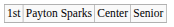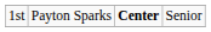 <table class="wikitable" border="1">
 <tr align=center>
 </tr>
 <tr>
 <td>1st</td>
 <td>Payton Sparks</td>
-<td>Center</td>
+<td><strong>Center</strong></td>
 <td>Senior</td>
 </tr>
 <tr>
 </tr>
 </table>
